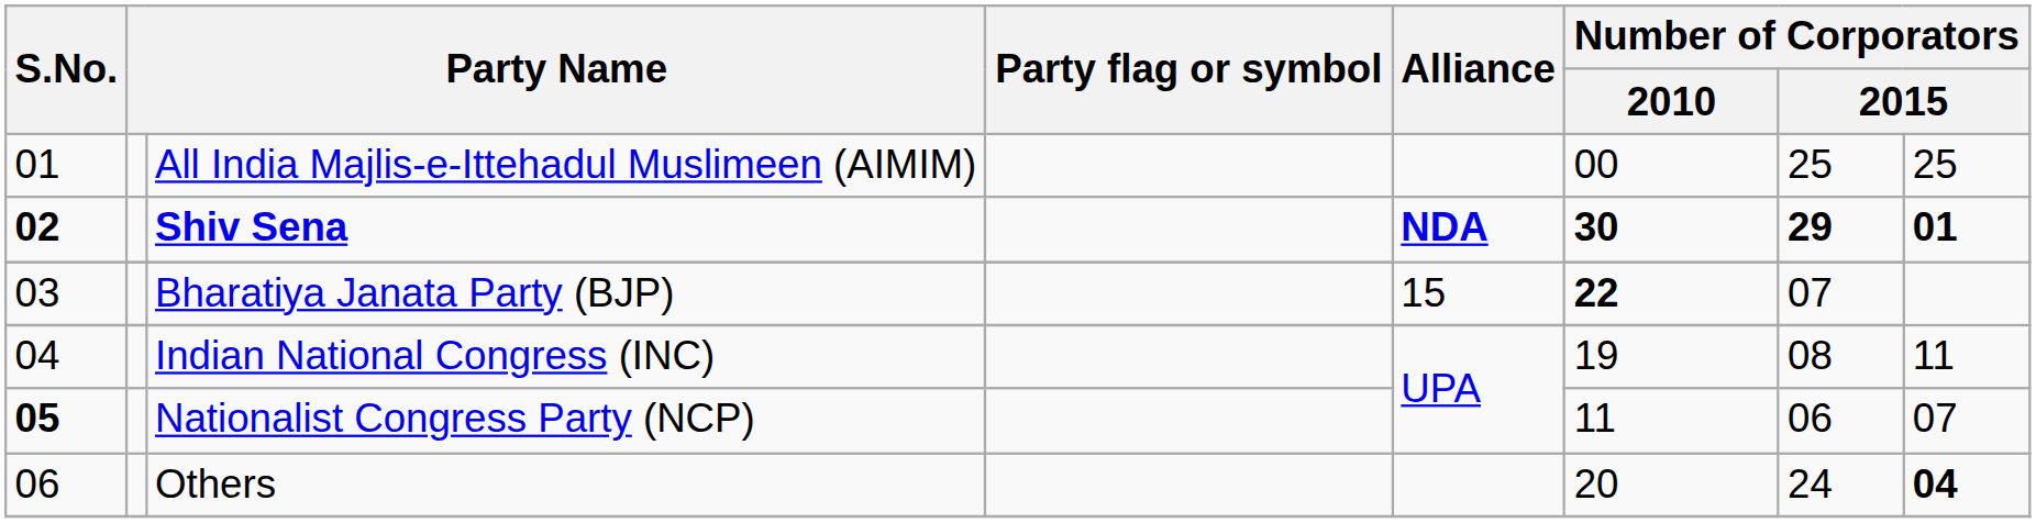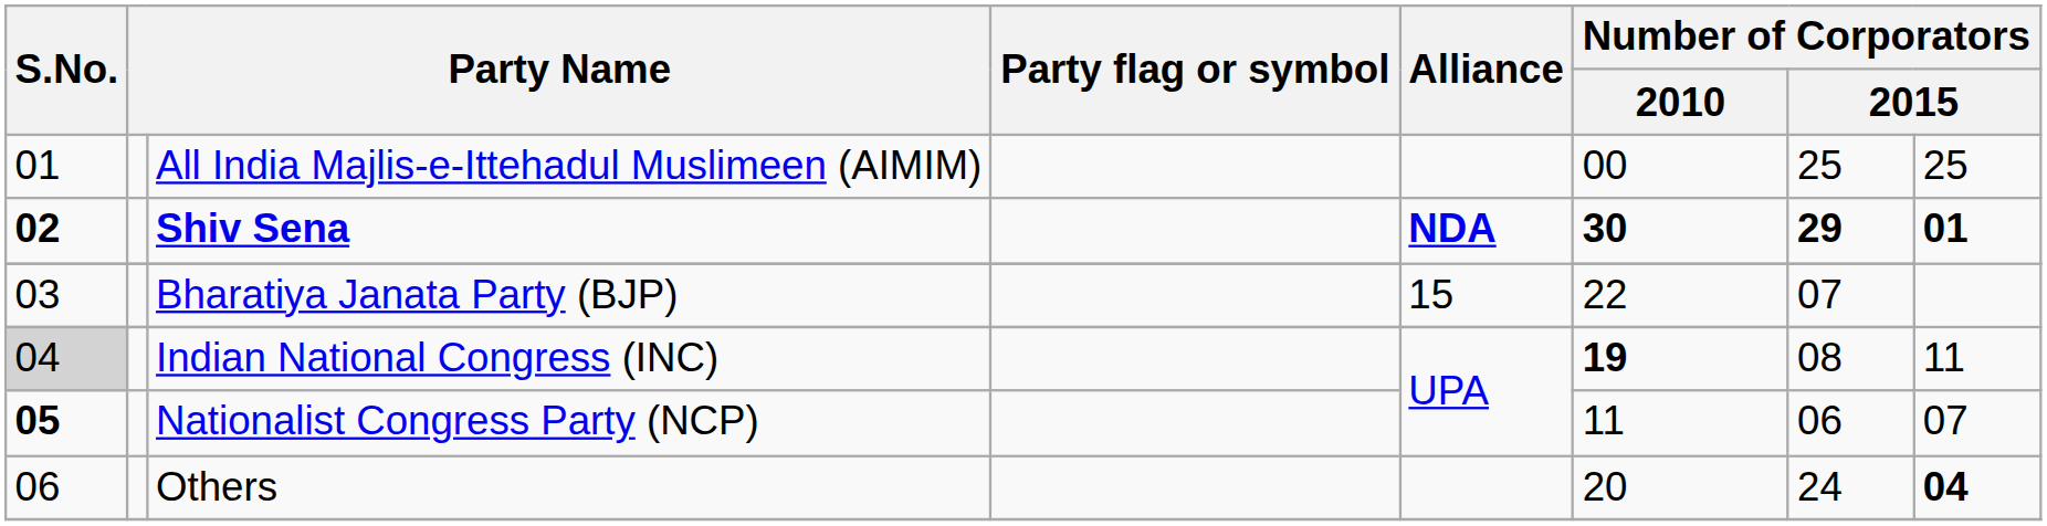 <table class="sortable wikitable">
 <tr>
 <th rowspan="2">S.No.</th>
 <th colspan="2" rowspan="2">Party Name</th>
 <th rowspan="2">Party flag or symbol</th>
 <th rowspan="2">Alliance</th>
 <th colspan="3">Number of Corporators</th>
 </tr>
 <tr>
 <th>2010</th>
 <th colspan="2">2015</th>
 </tr>
 <tr>
 <td>01</td>
 <td style="background-color: "></td>
 <td><a href='#'>All India Majlis-e-Ittehadul Muslimeen</a> (AIMIM)</td>
 <td></td>
 <td></td>
 <td>00</td>
 <td>25</td>
 <td> 25</td>
 </tr>
 <tr>
 <td><strong>02</strong></td>
 <td style="background-color: "></td>
 <td><strong><a href='#'>Shiv Sena</a></strong></td>
 <td></td>
 <td rowspan="2"><a href='#'><strong>NDA</strong></a></td>
 <td><strong>30</strong></td>
 <td><strong>29</strong></td>
 <td><strong> 01</strong></td>
 </tr>
 <tr>
 </tr>
 <tr>
 <td>03</td>
 <td style="background-color: "></td>
 <td><a href='#'>Bharatiya Janata Party</a> (BJP)</td>
 <td></td>
 <td>15</td>
-<td><strong>22</strong></td>
+<td>22</td>
 <td> 07</td>
 </tr>
 <tr>
 </tr>
 <tr>
-<td>04</td>
+<td style="background: lightgrey;">04</td>
 <td style="background-color: "></td>
 <td><a href='#'>Indian National Congress</a> (INC)</td>
 <td></td>
 <td rowspan="2"><a href='#'>UPA</a></td>
-<td>19</td>
+<td><strong>19</strong></td>
 <td>08</td>
 <td> 11</td>
 </tr>
 <tr>
 <td><strong>05</strong></td>
 <td style="background-color: "></td>
 <td><a href='#'>Nationalist Congress Party</a> (NCP)</td>
 <td></td>
 <td>11</td>
 <td>06</td>
 <td> 07</td>
 </tr>
 <tr>
 <td>06</td>
 <td style="background-color: "></td>
 <td>Others</td>
 <td></td>
 <td></td>
 <td>20</td>
 <td>24</td>
 <td><strong> 04</strong></td>
 </tr>
 <tr>
 </tr>
 </table>
